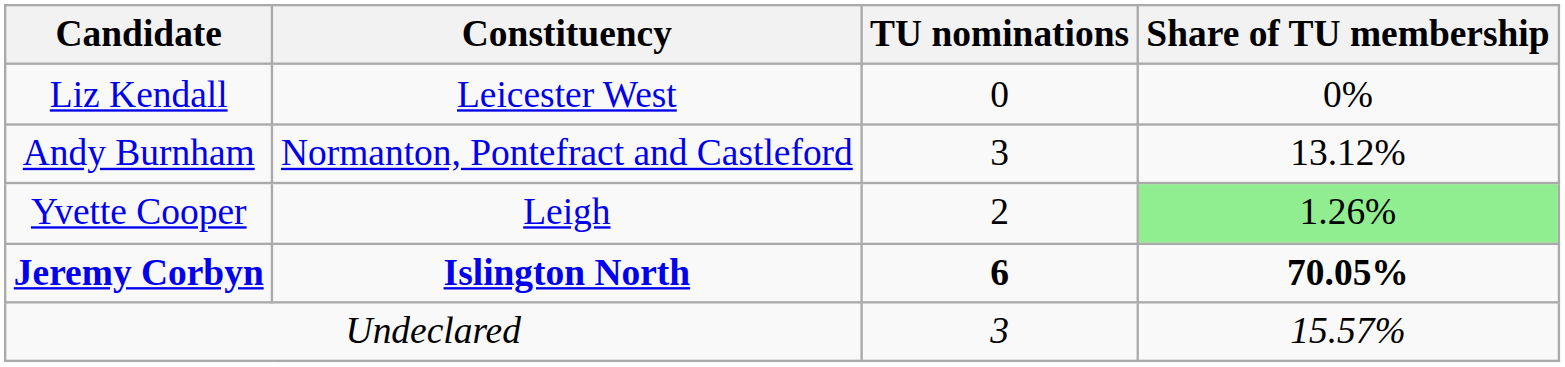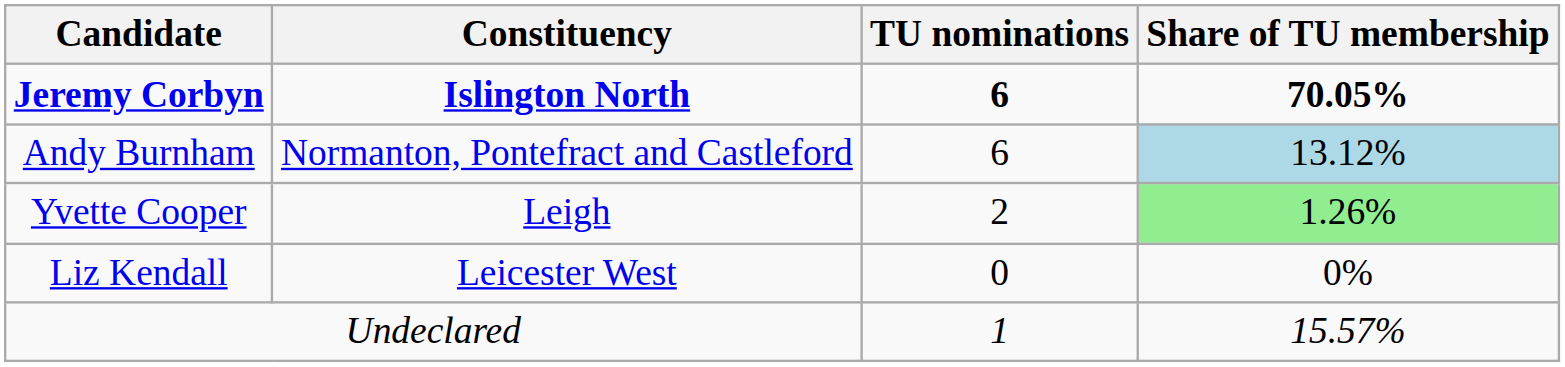 <table class="wikitable floatright">
 <tr>
 <th>Candidate</th>
 <th>Constituency</th>
 <th>TU nominations</th>
 <th>Share of TU membership</th>
 </tr>
 <tr style="text-align: center;" |>
-<td><a href='#'>Liz Kendall</a></td>
-<td><a href='#'>Leicester West</a></td>
-<td>0</td>
-<td>0%</td>
+<td><strong><a href='#'>Jeremy Corbyn</a></strong></td>
+<td><strong><a href='#'>Islington North</a></strong></td>
+<td><strong>6</strong></td>
+<td><strong>70.05%</strong></td>
 </tr>
 <tr style="text-align: center;" |>
 <td><a href='#'>Andy Burnham</a></td>
 <td><a href='#'>Normanton, Pontefract and Castleford</a></td>
-<td>3</td>
-<td>13.12%</td>
+<td>6</td>
+<td style="background: lightblue;">13.12%</td>
 </tr>
 <tr style="text-align: center;" |>
 <td><a href='#'>Yvette Cooper</a></td>
 <td><a href='#'>Leigh</a></td>
 <td>2</td>
 <td style="background: lightgreen;">1.26%</td>
 </tr>
 <tr style="text-align: center;" |>
-<td><strong><a href='#'>Jeremy Corbyn</a></strong></td>
-<td><strong><a href='#'>Islington North</a></strong></td>
-<td><strong>6</strong></td>
-<td><strong>70.05%</strong></td>
+<td><a href='#'>Liz Kendall</a></td>
+<td><a href='#'>Leicester West</a></td>
+<td>0</td>
+<td>0%</td>
 </tr>
 <tr style="background-color: ">
 <td colspan="2" style="text-align: center;"><em>Undeclared</em></td>
-<td style="text-align: center;"><em>3</em></td>
+<td style="text-align: center;"><em>1</em></td>
 <td style="text-align: center;"><em>15.57%</em></td>
 </tr>
 </table>
